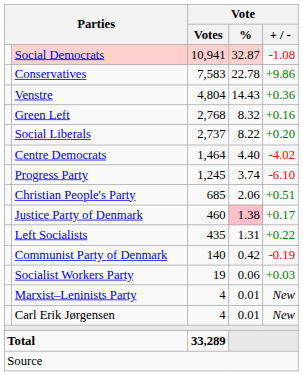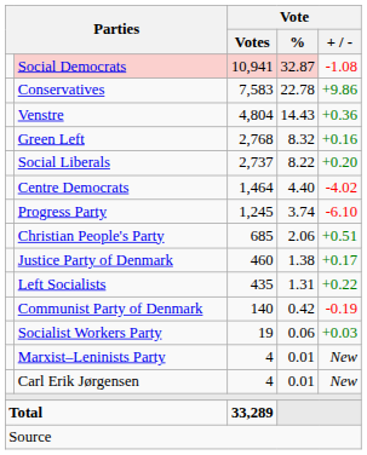 <table class="wikitable" style="text-align:right;">
 <tr>
 <th style="text-align:centre;" rowspan="2" colspan="2" width="225">Parties</th>
 <th colspan="3">Vote</th>
 </tr>
 <tr>
 <th width="15">Votes</th>
 <th width="15">%</th>
 <th width="15">+ / -</th>
 </tr>
 <tr>
 <td width="2" style="color:inherit;background:"></td>
 <td bgcolor=#fbd0ce  align="left"><a href='#'>Social Democrats</a></td>
 <td bgcolor=#fbd0ce>10,941</td>
 <td bgcolor=#fbd0ce>32.87</td>
 <td style=color:red;>-1.08</td>
 </tr>
 <tr>
 <td width="2" style="color:inherit;background:"></td>
 <td align="left"><a href='#'>Conservatives</a></td>
 <td>7,583</td>
 <td>22.78</td>
 <td style=color:green;>+9.86</td>
 </tr>
 <tr>
 <td width="2" style="color:inherit;background:"></td>
 <td align="left"><a href='#'>Venstre</a></td>
 <td>4,804</td>
 <td>14.43</td>
 <td style=color:green;>+0.36</td>
 </tr>
 <tr>
 <td width="2" style="color:inherit;background:"></td>
 <td align="left"><a href='#'>Green Left</a></td>
 <td>2,768</td>
 <td>8.32</td>
 <td style=color:green;>+0.16</td>
 </tr>
 <tr>
 <td width="2" style="color:inherit;background:"></td>
 <td align="left"><a href='#'>Social Liberals</a></td>
 <td>2,737</td>
 <td>8.22</td>
 <td style=color:green;>+0.20</td>
 </tr>
 <tr>
 <td width="2" style="color:inherit;background:"></td>
 <td align="left"><a href='#'>Centre Democrats</a></td>
 <td>1,464</td>
 <td>4.40</td>
 <td style=color:red;>-4.02</td>
 </tr>
 <tr>
 <td width="2" style="color:inherit;background:"></td>
 <td align="left"><a href='#'>Progress Party</a></td>
 <td>1,245</td>
 <td>3.74</td>
 <td style=color:red;>-6.10</td>
 </tr>
 <tr>
 <td width="2" style="color:inherit;background:"></td>
 <td align="left"><a href='#'>Christian People's Party</a></td>
 <td>685</td>
 <td>2.06</td>
 <td style=color:green;>+0.51</td>
 </tr>
 <tr>
 <td width="2" style="color:inherit;background:"></td>
 <td align="left"><a href='#'>Justice Party of Denmark</a></td>
 <td>460</td>
-<td style="background: pink;">1.38</td>
+<td>1.38</td>
 <td style=color:green;>+0.17</td>
 </tr>
 <tr>
 <td width="2" style="color:inherit;background:"></td>
 <td align="left"><a href='#'>Left Socialists</a></td>
 <td>435</td>
 <td>1.31</td>
 <td style=color:green;>+0.22</td>
 </tr>
 <tr>
 <td width="2" style="color:inherit;background:"></td>
 <td align="left"><a href='#'>Communist Party of Denmark</a></td>
 <td>140</td>
 <td>0.42</td>
 <td style=color:red;>-0.19</td>
 </tr>
 <tr>
 <td width="2" style="color:inherit;background:"></td>
 <td align="left"><a href='#'>Socialist Workers Party</a></td>
 <td>19</td>
 <td>0.06</td>
 <td style=color:green;>+0.03</td>
 </tr>
 <tr>
 <td width="2" style="color:inherit;background:"></td>
 <td align="left"><a href='#'>Marxist–Leninists Party</a></td>
 <td>4</td>
 <td>0.01</td>
 <td><em>New</em></td>
 </tr>
 <tr>
 <td width="2" style="color:inherit;background:"></td>
 <td align="left">Carl Erik Jørgensen</td>
 <td>4</td>
 <td>0.01</td>
 <td><em>New</em></td>
 </tr>
 <tr>
 <td colspan="7" bgcolor="#E9E9E9"></td>
 </tr>
 <tr>
 <td align="left" colspan="2"><strong>Total</strong></td>
 <td><strong>33,289</strong></td>
 <td bgcolor="#E9E9E9" colspan="2"></td>
 </tr>
 <tr>
 <td align="left" colspan="6">Source</td>
 </tr>
 </table>
